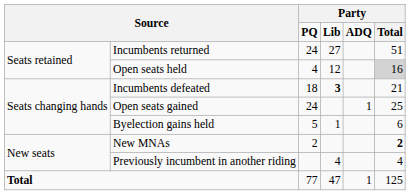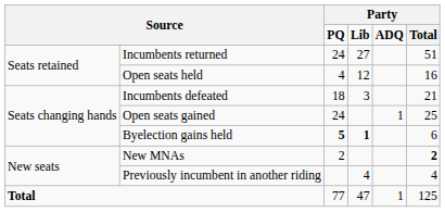 <table class="wikitable" style="text-align:right;">
 <tr>
 <th colspan="2" rowspan="2">Source</th>
 <th colspan="6">Party</th>
 </tr>
 <tr>
 <td><strong>PQ</strong></td>
 <td><strong>Lib</strong></td>
 <td><strong>ADQ</strong></td>
 <th>Total</th>
 </tr>
 <tr>
 <td rowspan="2" style="text-align:left;">Seats retained</td>
 <td style="text-align:left;">Incumbents returned</td>
 <td>24</td>
 <td>27</td>
 <td></td>
 <td>51</td>
 </tr>
 <tr>
 <td style="text-align:left;">Open seats held</td>
 <td>4</td>
 <td>12</td>
 <td></td>
-<td style="background: lightgrey;">16</td>
+<td>16</td>
 </tr>
 <tr>
 <td rowspan="3" style="text-align:left;">Seats changing hands</td>
 <td style="text-align:left;">Incumbents defeated</td>
 <td>18</td>
-<td><strong>3</strong></td>
+<td>3</td>
 <td></td>
 <td>21</td>
 </tr>
 <tr>
 <td style="text-align:left;">Open seats gained</td>
 <td>24</td>
 <td></td>
 <td>1</td>
 <td>25</td>
 </tr>
 <tr>
 <td style="text-align:left;">Byelection gains held</td>
-<td>5</td>
-<td>1</td>
+<td><strong>5</strong></td>
+<td><strong>1</strong></td>
 <td></td>
 <td>6</td>
 </tr>
 <tr>
 <td rowspan="2" style="text-align:left;">New seats</td>
 <td style="text-align:left;">New MNAs</td>
 <td>2</td>
 <td></td>
 <td></td>
 <td><strong>2</strong></td>
 </tr>
 <tr>
 <td style="text-align:left;">Previously incumbent in another riding</td>
 <td></td>
 <td>4</td>
 <td></td>
 <td>4</td>
 </tr>
 <tr>
 <td colspan="2" style="text-align:left;"><strong>Total</strong></td>
 <td>77</td>
 <td>47</td>
 <td>1</td>
 <td>125</td>
 </tr>
 </table>
